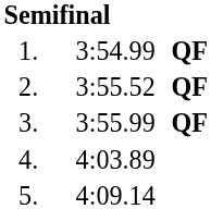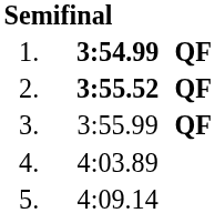 <table style="text-align:center">
 <tr>
 <td colspan=4 align=left><strong>Semifinal</strong></td>
 </tr>
 <tr>
 <td width=30>1.</td>
 <td align=left></td>
-<td width=60>3:54.99</td>
+<td width=60><strong>3:54.99</strong></td>
 <td><strong>QF</strong></td>
 </tr>
 <tr>
 <td>2.</td>
 <td align=left></td>
-<td>3:55.52</td>
+<td><strong>3:55.52</strong></td>
 <td><strong>QF</strong></td>
 </tr>
 <tr>
 <td>3.</td>
 <td align=left></td>
 <td>3:55.99</td>
 <td><strong>QF</strong></td>
 </tr>
 <tr>
 <td>4.</td>
 <td align=left></td>
 <td>4:03.89</td>
 <td></td>
 </tr>
 <tr>
 <td>5.</td>
 <td align=left></td>
 <td>4:09.14</td>
 <td></td>
 </tr>
 </table>
